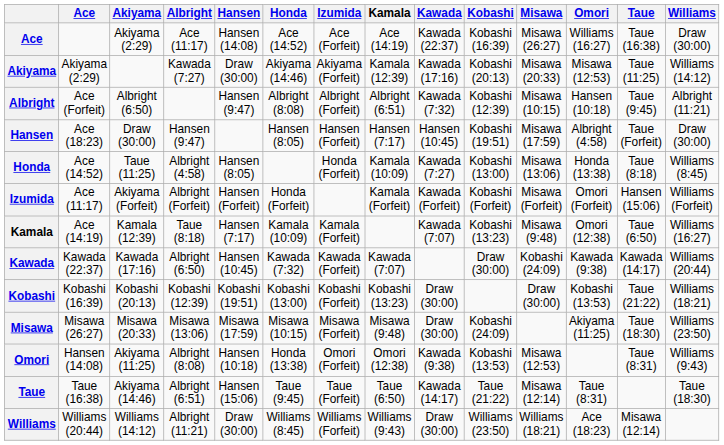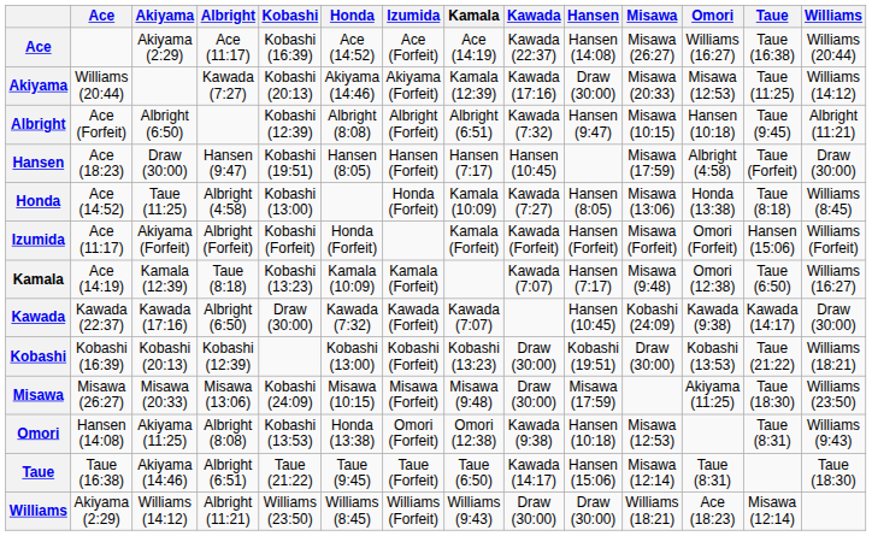 <table class="wikitable" style="margin: 1em auto 1em auto; text-align:center;">
 <tr>
 <th></th>
 <th><a href='#'>Ace</a></th>
 <th><a href='#'>Akiyama</a></th>
 <th><a href='#'>Albright</a></th>
-<th><a href='#'>Hansen</a></th>
+<th><a href='#'>Kobashi</a></th>
 <th><a href='#'>Honda</a></th>
 <th><a href='#'>Izumida</a></th>
 <th>Kamala</th>
 <th><a href='#'>Kawada</a></th>
-<th><a href='#'>Kobashi</a></th>
+<th><a href='#'>Hansen</a></th>
 <th><a href='#'>Misawa</a></th>
 <th><a href='#'>Omori</a></th>
 <th><a href='#'>Taue</a></th>
 <th><a href='#'>Williams</a></th>
 </tr>
 <tr>
 <th><a href='#'>Ace</a></th>
 <td></td>
 <td>Akiyama<br>(2:29)</td>
 <td>Ace<br>(11:17)</td>
-<td>Hansen<br>(14:08)</td>
+<td>Kobashi<br>(16:39)</td>
 <td>Ace<br>(14:52)</td>
 <td>Ace<br>(Forfeit)</td>
 <td>Ace<br>(14:19)</td>
 <td>Kawada<br>(22:37)</td>
-<td>Kobashi<br>(16:39)</td>
+<td>Hansen<br>(14:08)</td>
 <td>Misawa<br>(26:27)</td>
 <td>Williams<br>(16:27)</td>
 <td>Taue<br>(16:38)</td>
-<td>Draw<br>(30:00)</td>
+<td>Williams<br>(20:44)</td>
 </tr>
 <tr>
 <th><a href='#'>Akiyama</a></th>
-<td>Akiyama<br>(2:29)</td>
+<td>Williams<br>(20:44)</td>
 <td></td>
 <td>Kawada<br>(7:27)</td>
-<td>Draw<br>(30:00)</td>
+<td>Kobashi<br>(20:13)</td>
 <td>Akiyama<br>(14:46)</td>
 <td>Akiyama<br>(Forfeit)</td>
 <td>Kamala<br>(12:39)</td>
 <td>Kawada<br>(17:16)</td>
-<td>Kobashi<br>(20:13)</td>
+<td>Draw<br>(30:00)</td>
 <td>Misawa<br>(20:33)</td>
 <td>Misawa<br>(12:53)</td>
 <td>Taue<br>(11:25)</td>
 <td>Williams<br>(14:12)</td>
 </tr>
 <tr>
 <th><a href='#'>Albright</a></th>
 <td>Ace<br>(Forfeit)</td>
 <td>Albright<br>(6:50)</td>
 <td></td>
-<td>Hansen<br>(9:47)</td>
+<td>Kobashi<br>(12:39)</td>
 <td>Albright<br>(8:08)</td>
 <td>Albright<br>(Forfeit)</td>
 <td>Albright<br>(6:51)</td>
 <td>Kawada<br>(7:32)</td>
-<td>Kobashi<br>(12:39)</td>
+<td>Hansen<br>(9:47)</td>
 <td>Misawa<br>(10:15)</td>
 <td>Hansen<br>(10:18)</td>
 <td>Taue<br>(9:45)</td>
 <td>Albright<br>(11:21)</td>
 </tr>
 <tr>
 <th><a href='#'>Hansen</a></th>
 <td>Ace<br>(18:23)</td>
 <td>Draw<br>(30:00)</td>
 <td>Hansen<br>(9:47)</td>
-<td></td>
+<td>Kobashi<br>(19:51)</td>
 <td>Hansen<br>(8:05)</td>
 <td>Hansen<br>(Forfeit)</td>
 <td>Hansen<br>(7:17)</td>
 <td>Hansen<br>(10:45)</td>
-<td>Kobashi<br>(19:51)</td>
+<td></td>
 <td>Misawa<br>(17:59)</td>
 <td>Albright<br>(4:58)</td>
 <td>Taue<br>(Forfeit)</td>
 <td>Draw<br>(30:00)</td>
 </tr>
 <tr>
 <th><a href='#'>Honda</a></th>
 <td>Ace<br>(14:52)</td>
 <td>Taue<br>(11:25)</td>
 <td>Albright<br>(4:58)</td>
-<td>Hansen<br>(8:05)</td>
+<td>Kobashi<br>(13:00)</td>
 <td></td>
 <td>Honda<br>(Forfeit)</td>
 <td>Kamala<br>(10:09)</td>
 <td>Kawada<br>(7:27)</td>
-<td>Kobashi<br>(13:00)</td>
+<td>Hansen<br>(8:05)</td>
 <td>Misawa<br>(13:06)</td>
 <td>Honda<br>(13:38)</td>
 <td>Taue<br>(8:18)</td>
 <td>Williams<br>(8:45)</td>
 </tr>
 <tr>
 <th><a href='#'>Izumida</a></th>
 <td>Ace<br>(11:17)</td>
 <td>Akiyama<br>(Forfeit)</td>
 <td>Albright<br>(Forfeit)</td>
-<td>Hansen<br>(Forfeit)</td>
+<td>Kobashi<br>(Forfeit)</td>
 <td>Honda<br>(Forfeit)</td>
 <td></td>
 <td>Kamala<br>(Forfeit)</td>
 <td>Kawada<br>(Forfeit)</td>
-<td>Kobashi<br>(Forfeit)</td>
+<td>Hansen<br>(Forfeit)</td>
 <td>Misawa<br>(Forfeit)</td>
 <td>Omori<br>(Forfeit)</td>
 <td>Hansen<br>(15:06)</td>
 <td>Williams<br>(Forfeit)</td>
 </tr>
 <tr>
 <th>Kamala</th>
 <td>Ace<br>(14:19)</td>
 <td>Kamala<br>(12:39)</td>
 <td>Taue<br>(8:18)</td>
-<td>Hansen<br>(7:17)</td>
+<td>Kobashi<br>(13:23)</td>
 <td>Kamala<br>(10:09)</td>
 <td>Kamala<br>(Forfeit)</td>
 <td></td>
 <td>Kawada<br>(7:07)</td>
-<td>Kobashi<br>(13:23)</td>
+<td>Hansen<br>(7:17)</td>
 <td>Misawa<br>(9:48)</td>
 <td>Omori<br>(12:38)</td>
 <td>Taue<br>(6:50)</td>
 <td>Williams<br>(16:27)</td>
 </tr>
 <tr>
 <th><a href='#'>Kawada</a></th>
 <td>Kawada<br>(22:37)</td>
 <td>Kawada<br>(17:16)</td>
 <td>Albright<br>(6:50)</td>
-<td>Hansen<br>(10:45)</td>
+<td>Draw<br>(30:00)</td>
 <td>Kawada<br>(7:32)</td>
 <td>Kawada<br>(Forfeit)</td>
 <td>Kawada<br>(7:07)</td>
 <td></td>
-<td>Draw<br>(30:00)</td>
+<td>Hansen<br>(10:45)</td>
 <td>Kobashi<br>(24:09)</td>
 <td>Kawada<br>(9:38)</td>
 <td>Kawada<br>(14:17)</td>
-<td>Williams<br>(20:44)</td>
+<td>Draw<br>(30:00)</td>
 </tr>
 <tr>
 <th><a href='#'>Kobashi</a></th>
 <td>Kobashi<br>(16:39)</td>
 <td>Kobashi<br>(20:13)</td>
 <td>Kobashi<br>(12:39)</td>
-<td>Kobashi<br>(19:51)</td>
+<td></td>
 <td>Kobashi<br>(13:00)</td>
 <td>Kobashi<br>(Forfeit)</td>
 <td>Kobashi<br>(13:23)</td>
 <td>Draw<br>(30:00)</td>
-<td></td>
+<td>Kobashi<br>(19:51)</td>
 <td>Draw<br>(30:00)</td>
 <td>Kobashi<br>(13:53)</td>
 <td>Taue<br>(21:22)</td>
 <td>Williams<br>(18:21)</td>
 </tr>
 <tr>
 <th><a href='#'>Misawa</a></th>
 <td>Misawa<br>(26:27)</td>
 <td>Misawa<br>(20:33)</td>
 <td>Misawa<br>(13:06)</td>
-<td>Misawa<br>(17:59)</td>
+<td>Kobashi<br>(24:09)</td>
 <td>Misawa<br>(10:15)</td>
 <td>Misawa<br>(Forfeit)</td>
 <td>Misawa<br>(9:48)</td>
 <td>Draw<br>(30:00)</td>
-<td>Kobashi<br>(24:09)</td>
+<td>Misawa<br>(17:59)</td>
 <td></td>
 <td>Akiyama<br>(11:25)</td>
 <td>Taue<br>(18:30)</td>
 <td>Williams<br>(23:50)</td>
 </tr>
 <tr>
 <th><a href='#'>Omori</a></th>
 <td>Hansen<br>(14:08)</td>
 <td>Akiyama<br>(11:25)</td>
 <td>Albright<br>(8:08)</td>
-<td>Hansen<br>(10:18)</td>
+<td>Kobashi<br>(13:53)</td>
 <td>Honda<br>(13:38)</td>
 <td>Omori<br>(Forfeit)</td>
 <td>Omori<br>(12:38)</td>
 <td>Kawada<br>(9:38)</td>
-<td>Kobashi<br>(13:53)</td>
+<td>Hansen<br>(10:18)</td>
 <td>Misawa<br>(12:53)</td>
 <td></td>
 <td>Taue<br>(8:31)</td>
 <td>Williams<br>(9:43)</td>
 </tr>
 <tr>
 <th><a href='#'>Taue</a></th>
 <td>Taue<br>(16:38)</td>
 <td>Akiyama<br>(14:46)</td>
 <td>Albright<br>(6:51)</td>
-<td>Hansen<br>(15:06)</td>
+<td>Taue<br>(21:22)</td>
 <td>Taue<br>(9:45)</td>
 <td>Taue<br>(Forfeit)</td>
 <td>Taue<br>(6:50)</td>
 <td>Kawada<br>(14:17)</td>
-<td>Taue<br>(21:22)</td>
+<td>Hansen<br>(15:06)</td>
 <td>Misawa<br>(12:14)</td>
 <td>Taue<br>(8:31)</td>
 <td></td>
 <td>Taue<br>(18:30)</td>
 </tr>
 <tr>
 <th><a href='#'>Williams</a></th>
-<td>Williams<br>(20:44)</td>
+<td>Akiyama<br>(2:29)</td>
 <td>Williams<br>(14:12)</td>
 <td>Albright<br>(11:21)</td>
-<td>Draw<br>(30:00)</td>
+<td>Williams<br>(23:50)</td>
 <td>Williams<br>(8:45)</td>
 <td>Williams<br>(Forfeit)</td>
 <td>Williams<br>(9:43)</td>
 <td>Draw<br>(30:00)</td>
-<td>Williams<br>(23:50)</td>
+<td>Draw<br>(30:00)</td>
 <td>Williams<br>(18:21)</td>
 <td>Ace<br>(18:23)</td>
 <td>Misawa<br>(12:14)</td>
 <td></td>
 </tr>
 </table>
